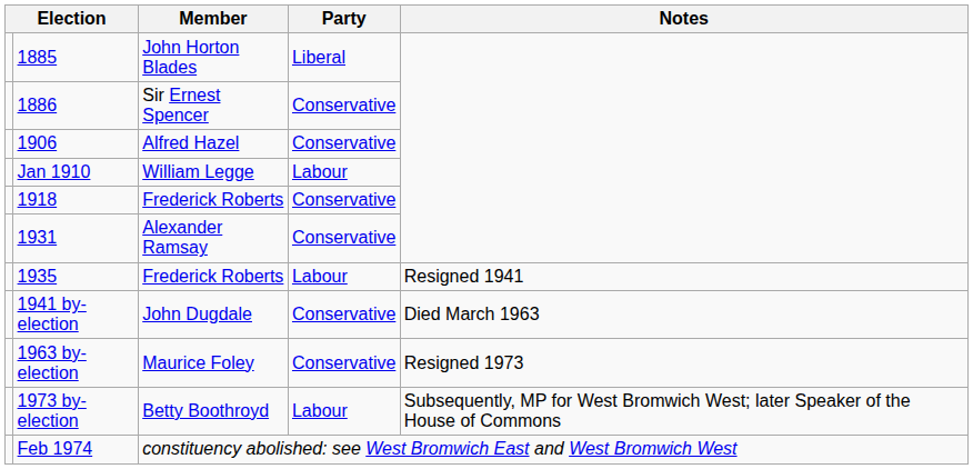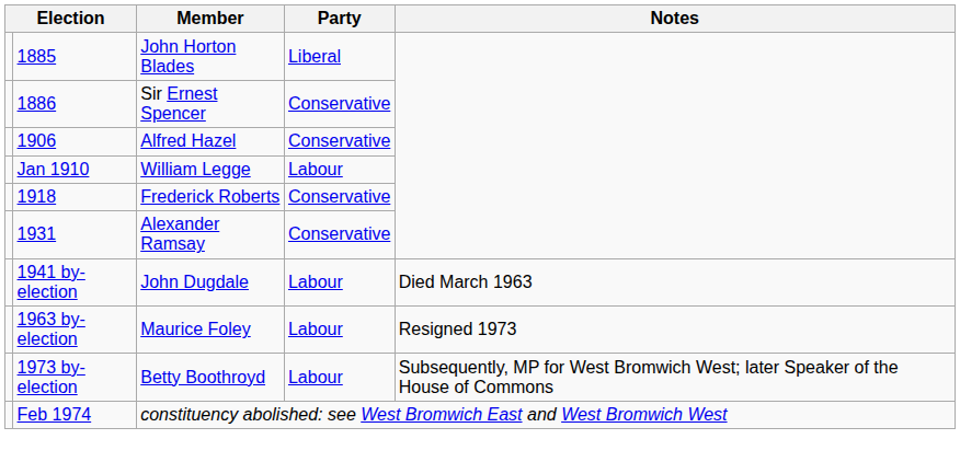 <table class="wikitable">
 <tr>
 <th colspan="2">Election</th>
 <th>Member</th>
 <th>Party</th>
 <th>Notes</th>
 </tr>
 <tr>
 <td style="color:inherit;background-color: "></td>
 <td><a href='#'>1885</a></td>
 <td><a href='#'>John Horton Blades</a></td>
 <td><a href='#'>Liberal</a></td>
 </tr>
 <tr>
 <td style="color:inherit;background-color: "></td>
 <td><a href='#'>1886</a></td>
 <td>Sir <a href='#'>Ernest Spencer</a></td>
 <td><a href='#'>Conservative</a></td>
 </tr>
 <tr>
 <td style="color:inherit;background-color: "></td>
 <td><a href='#'>1906</a></td>
 <td><a href='#'>Alfred Hazel</a></td>
 <td><a href='#'>Conservative</a></td>
 </tr>
 <tr>
 <td style="color:inherit;background-color: "></td>
 <td><a href='#'>Jan 1910</a></td>
 <td><a href='#'>William Legge</a></td>
 <td><a href='#'>Labour</a></td>
 </tr>
 <tr>
 <td style="color:inherit;background-color: "></td>
 <td><a href='#'>1918</a></td>
 <td><a href='#'>Frederick Roberts</a></td>
 <td><a href='#'>Conservative</a></td>
 </tr>
 <tr>
 <td style="color:inherit;background-color: "></td>
 <td><a href='#'>1931</a></td>
 <td><a href='#'>Alexander Ramsay</a></td>
 <td><a href='#'>Conservative</a></td>
 </tr>
 <tr>
 <td style="color:inherit;background-color: "></td>
-<td><a href='#'>1935</a></td>
-<td><a href='#'>Frederick Roberts</a></td>
-<td><a href='#'>Labour</a></td>
-<td>Resigned 1941</td>
-</tr>
-<tr>
-<td style="color:inherit;background-color: "></td>
 <td><a href='#'>1941 by-election</a></td>
 <td><a href='#'>John Dugdale</a></td>
-<td><a href='#'>Conservative</a></td>
+<td><a href='#'>Labour</a></td>
 <td>Died March 1963</td>
 </tr>
 <tr>
 <td style="color:inherit;background-color: "></td>
 <td><a href='#'>1963 by-election</a></td>
 <td><a href='#'>Maurice Foley</a></td>
-<td><a href='#'>Conservative</a></td>
+<td><a href='#'>Labour</a></td>
 <td>Resigned 1973</td>
 </tr>
 <tr>
 <td style="color:inherit;background-color: "></td>
 <td><a href='#'>1973 by-election</a></td>
 <td><a href='#'>Betty Boothroyd</a></td>
 <td><a href='#'>Labour</a></td>
 <td>Subsequently, MP for West Bromwich West; later Speaker of the House of Commons</td>
 </tr>
 <tr>
 <td></td>
 <td><a href='#'>Feb 1974</a></td>
 <td colspan="3"><em>constituency abolished: see <a href='#'>West Bromwich East</a> and <a href='#'>West Bromwich West</a></em></td>
 </tr>
 </table>
